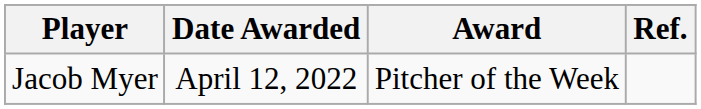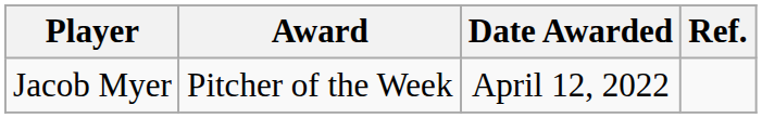 <table class="wikitable sortable sortable" style="text-align: center">
 <tr align=center>
 <th>Player</th>
+<th>Award</th>
 <th>Date Awarded</th>
-<th>Award</th>
 <th>Ref.</th>
 </tr>
 <tr>
 <td>Jacob Myer</td>
+<td rowspan="1">Pitcher of the Week</td>
 <td rowspan="1">April 12, 2022</td>
-<td rowspan="1">Pitcher of the Week</td>
 <td rowspan="1"></td>
 </tr>
 </table>
